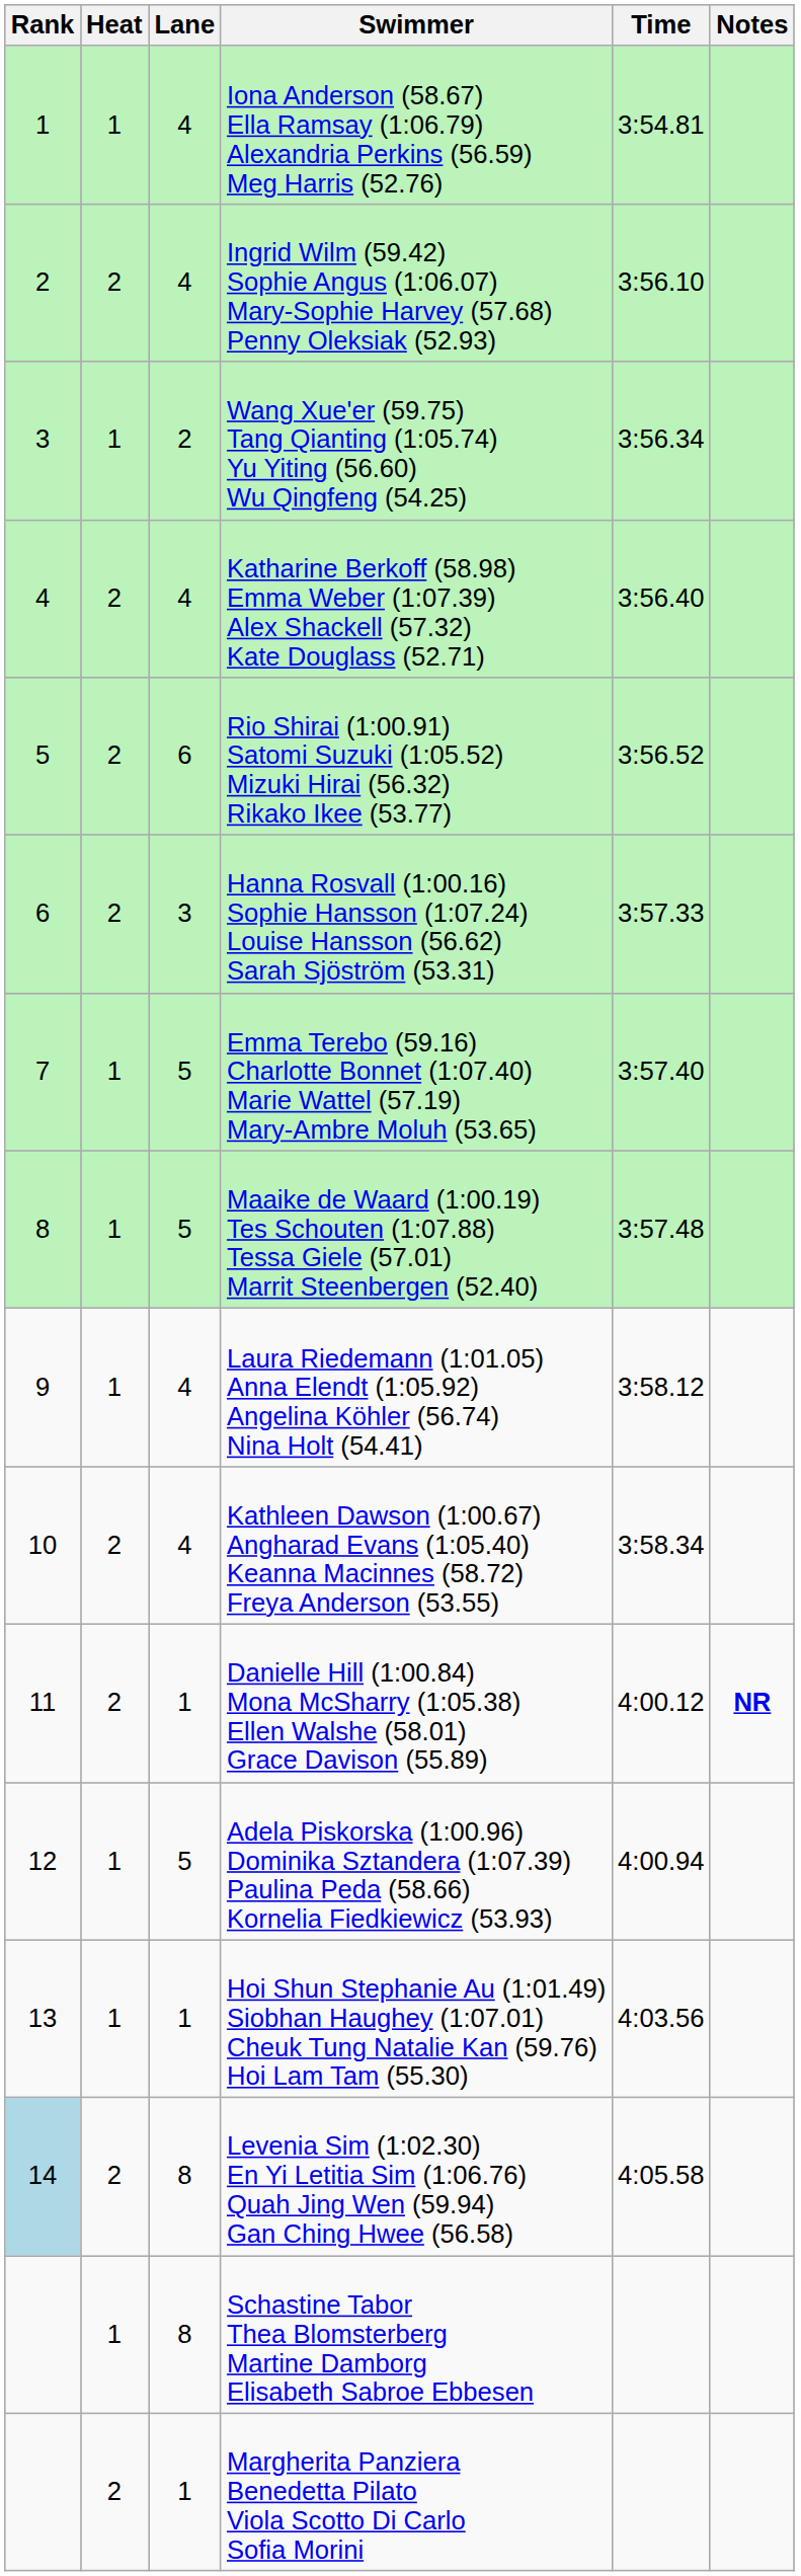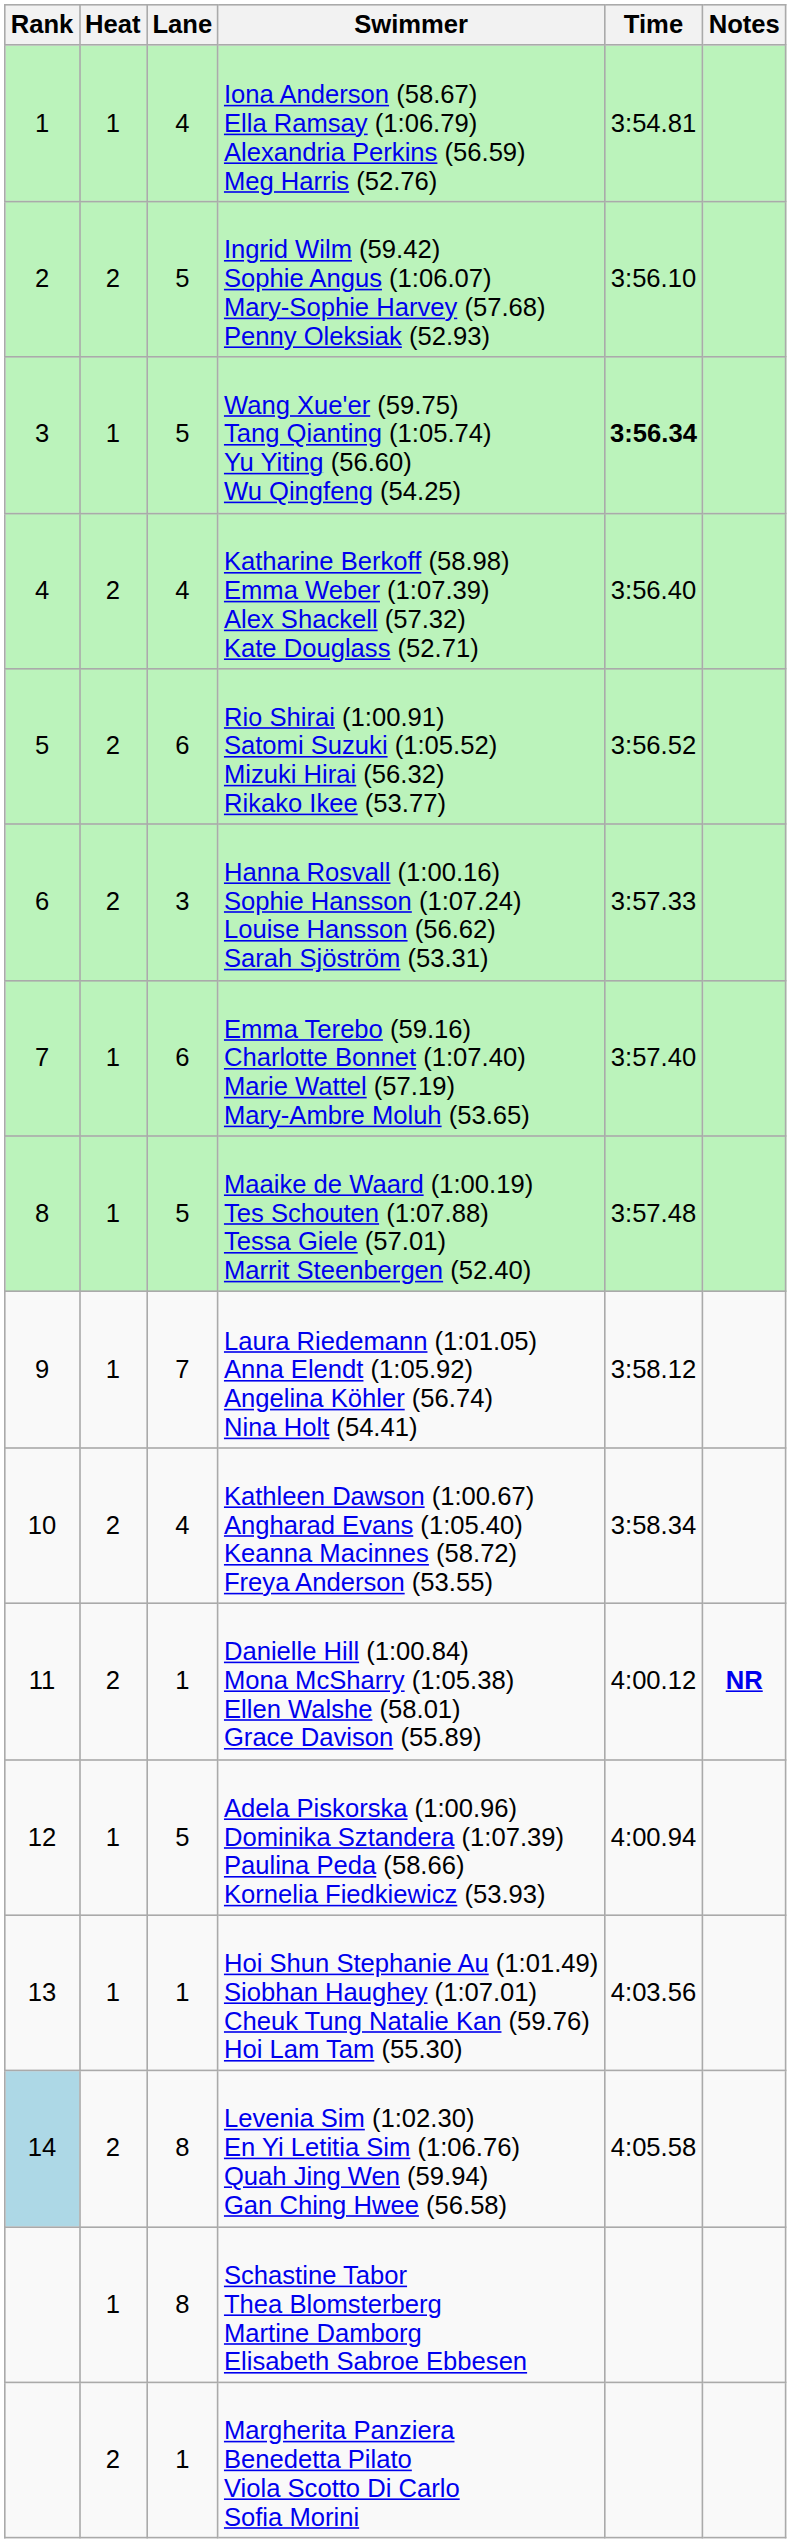 <table class="wikitable sortable mw-collapsible" style="text-align:center">
 <tr>
 <th scope="col">Rank</th>
 <th scope="col">Heat</th>
 <th scope="col">Lane</th>
 <th scope="col">Swimmer</th>
 <th scope="col">Time</th>
 <th scope="col">Notes</th>
 </tr>
 <tr bgcolor=bbf3bb>
 <td>1</td>
 <td>1</td>
 <td>4</td>
 <td align="left"> <br><a href='#'>Iona Anderson</a> (58.67)<br><a href='#'>Ella Ramsay</a> (1:06.79)<br><a href='#'>Alexandria Perkins</a> (56.59)<br><a href='#'>Meg Harris</a> (52.76)</td>
 <td>3:54.81</td>
 <td></td>
 </tr>
 <tr bgcolor=bbf3bb>
 <td>2</td>
 <td>2</td>
-<td>4</td>
+<td>5</td>
 <td align="left"> <br><a href='#'>Ingrid Wilm</a> (59.42)<br><a href='#'>Sophie Angus</a> (1:06.07)<br><a href='#'>Mary-Sophie Harvey</a> (57.68)<br><a href='#'>Penny Oleksiak</a> (52.93)</td>
 <td>3:56.10</td>
 <td></td>
 </tr>
 <tr bgcolor=bbf3bb>
 <td>3</td>
 <td>1</td>
-<td>2</td>
+<td>5</td>
 <td align="left"> <br><a href='#'>Wang Xue'er</a> (59.75)<br><a href='#'>Tang Qianting</a> (1:05.74)<br><a href='#'>Yu Yiting</a> (56.60)<br><a href='#'>Wu Qingfeng</a> (54.25)</td>
-<td>3:56.34</td>
+<td><strong>3:56.34</strong></td>
 <td></td>
 </tr>
 <tr bgcolor=bbf3bb>
 <td>4</td>
 <td>2</td>
 <td>4</td>
 <td align="left"> <br><a href='#'>Katharine Berkoff</a> (58.98)<br><a href='#'>Emma Weber</a> (1:07.39)<br><a href='#'>Alex Shackell</a> (57.32)<br><a href='#'>Kate Douglass</a> (52.71)</td>
 <td>3:56.40</td>
 <td></td>
 </tr>
 <tr bgcolor=bbf3bb>
 <td>5</td>
 <td>2</td>
 <td>6</td>
 <td align="left"> <br><a href='#'>Rio Shirai</a> (1:00.91)<br><a href='#'>Satomi Suzuki</a> (1:05.52)<br><a href='#'>Mizuki Hirai</a> (56.32)<br><a href='#'>Rikako Ikee</a> (53.77)</td>
 <td>3:56.52</td>
 <td></td>
 </tr>
 <tr bgcolor=bbf3bb>
 <td>6</td>
 <td>2</td>
 <td>3</td>
 <td align="left"> <br><a href='#'>Hanna Rosvall</a> (1:00.16)<br><a href='#'>Sophie Hansson</a> (1:07.24)<br><a href='#'>Louise Hansson</a> (56.62)<br><a href='#'>Sarah Sjöström</a> (53.31)</td>
 <td>3:57.33</td>
 <td></td>
 </tr>
 <tr bgcolor=bbf3bb>
 <td>7</td>
 <td>1</td>
-<td>5</td>
+<td>6</td>
 <td align="left"> <br><a href='#'>Emma Terebo</a> (59.16)<br><a href='#'>Charlotte Bonnet</a> (1:07.40)<br><a href='#'>Marie Wattel</a> (57.19)<br><a href='#'>Mary-Ambre Moluh</a> (53.65)</td>
 <td>3:57.40</td>
 <td></td>
 </tr>
 <tr bgcolor=bbf3bb>
 <td>8</td>
 <td>1</td>
 <td>5</td>
 <td align="left"> <br><a href='#'>Maaike de Waard</a> (1:00.19)<br><a href='#'>Tes Schouten</a> (1:07.88)<br><a href='#'>Tessa Giele</a> (57.01)<br><a href='#'>Marrit Steenbergen</a> (52.40)</td>
 <td>3:57.48</td>
 <td></td>
 </tr>
 <tr>
 <td>9</td>
 <td>1</td>
-<td>4</td>
+<td>7</td>
 <td align="left"> <br><a href='#'>Laura Riedemann</a> (1:01.05)<br><a href='#'>Anna Elendt</a> (1:05.92)<br><a href='#'>Angelina Köhler</a> (56.74)<br><a href='#'>Nina Holt</a> (54.41)</td>
 <td>3:58.12</td>
 <td></td>
 </tr>
 <tr>
 <td>10</td>
 <td>2</td>
 <td>4</td>
 <td align="left"> <br><a href='#'>Kathleen Dawson</a> (1:00.67)<br><a href='#'>Angharad Evans</a> (1:05.40)<br><a href='#'>Keanna Macinnes</a> (58.72)<br><a href='#'>Freya Anderson</a> (53.55)</td>
 <td>3:58.34</td>
 <td></td>
 </tr>
 <tr>
 <td>11</td>
 <td>2</td>
 <td>1</td>
 <td align="left"> <br><a href='#'>Danielle Hill</a> (1:00.84)<br><a href='#'>Mona McSharry</a> (1:05.38)<br><a href='#'>Ellen Walshe</a> (58.01)<br><a href='#'>Grace Davison</a> (55.89)</td>
 <td>4:00.12</td>
 <td><strong><a href='#'>NR</a></strong></td>
 </tr>
 <tr>
 <td>12</td>
 <td>1</td>
 <td>5</td>
 <td align="left"> <br><a href='#'>Adela Piskorska</a> (1:00.96)<br><a href='#'>Dominika Sztandera</a> (1:07.39)<br><a href='#'>Paulina Peda</a> (58.66)<br><a href='#'>Kornelia Fiedkiewicz</a> (53.93)</td>
 <td>4:00.94</td>
 <td></td>
 </tr>
 <tr>
 <td>13</td>
 <td>1</td>
 <td>1</td>
 <td align="left"> <br><a href='#'>Hoi Shun Stephanie Au</a> (1:01.49)<br><a href='#'>Siobhan Haughey</a> (1:07.01)<br><a href='#'>Cheuk Tung Natalie Kan</a> (59.76)<br><a href='#'>Hoi Lam Tam</a> (55.30)</td>
 <td>4:03.56</td>
 <td></td>
 </tr>
 <tr>
 <td style="background: lightblue;">14</td>
 <td>2</td>
 <td>8</td>
 <td align="left"> <br><a href='#'>Levenia Sim</a> (1:02.30)<br><a href='#'>En Yi Letitia Sim</a> (1:06.76)<br><a href='#'>Quah Jing Wen</a> (59.94)<br><a href='#'>Gan Ching Hwee</a> (56.58)</td>
 <td>4:05.58</td>
 <td></td>
 </tr>
 <tr>
 <td></td>
 <td>1</td>
 <td>8</td>
 <td align="left"> <br><a href='#'>Schastine Tabor</a><br><a href='#'>Thea Blomsterberg</a><br><a href='#'>Martine Damborg</a><br><a href='#'>Elisabeth Sabroe Ebbesen</a></td>
 <td></td>
 <td></td>
 </tr>
 <tr>
 <td></td>
 <td>2</td>
 <td>1</td>
 <td align="left"> <br><a href='#'>Margherita Panziera</a><br><a href='#'>Benedetta Pilato</a><br><a href='#'>Viola Scotto Di Carlo</a><br><a href='#'>Sofia Morini</a></td>
 <td></td>
 <td></td>
 </tr>
 </table>
